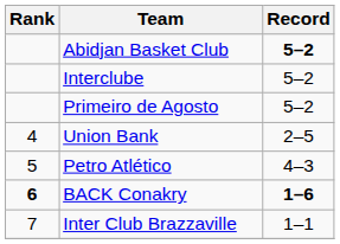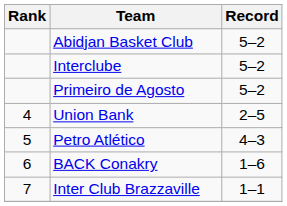 <table class=wikitable style="text-align:center;">
 <tr>
 <th>Rank</th>
 <th width=170>Team</th>
 <th>Record</th>
 </tr>
 <tr>
 <td></td>
 <td align=left> <a href='#'>Abidjan Basket Club</a></td>
-<td><strong>5–2</strong></td>
+<td>5–2</td>
 </tr>
 <tr>
 <td></td>
 <td align=left> <a href='#'>Interclube</a></td>
 <td>5–2</td>
 </tr>
 <tr>
 <td></td>
 <td align=left> <a href='#'>Primeiro de Agosto</a></td>
 <td>5–2</td>
 </tr>
 <tr>
 <td>4</td>
 <td align=left> <a href='#'>Union Bank</a></td>
 <td>2–5</td>
 </tr>
 <tr>
 <td>5</td>
 <td align=left> <a href='#'>Petro Atlético</a></td>
 <td>4–3</td>
 </tr>
 <tr>
-<td><strong>6</strong></td>
+<td>6</td>
 <td align=left> <a href='#'>BACK Conakry</a></td>
-<td><strong>1–6</strong></td>
+<td>1–6</td>
 </tr>
 <tr>
 <td>7</td>
 <td align=left> <a href='#'>Inter Club Brazzaville</a></td>
 <td>1–1</td>
 </tr>
 <tr>
 </tr>
 </table>
